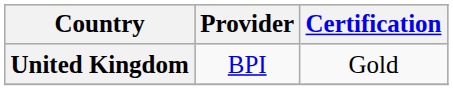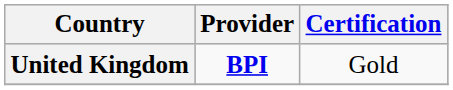 <table class="wikitable sortable plainrowheaders" style="text-align:center">
 <tr>
 <th scope="col">Country</th>
 <th scope="col" class="unsortable">Provider</th>
 <th scope="col"><a href='#'>Certification</a></th>
 </tr>
 <tr>
 <th scope="row">United Kingdom</th>
-<td><a href='#'>BPI</a></td>
+<td><strong><a href='#'>BPI</a></strong></td>
 <td>Gold</td>
 </tr>
 <tr>
 </tr>
 </table>
